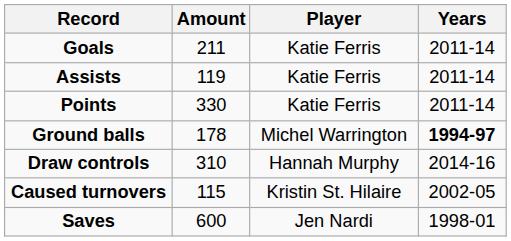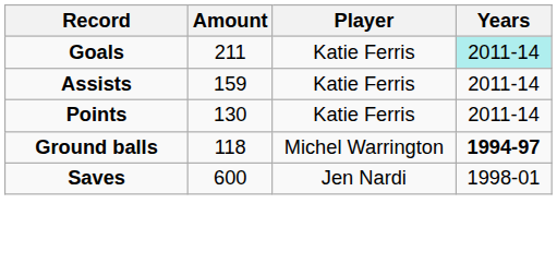 <table class="wikitable">
 <tr>
 <th style="width:140px; ">Record</th>
 <th style="width:35px; ">Amount</th>
 <th style="width:140px; ">Player</th>
 <th style="width:70px; ">Years</th>
 </tr>
 <tr style="text-align:center;">
 <td><strong>Goals</strong></td>
 <td>211</td>
 <td>Katie Ferris</td>
-<td>2011-14</td>
+<td style="background: paleturquoise;">2011-14</td>
 </tr>
 <tr style="text-align:center;">
 <td><strong>Assists</strong></td>
-<td>119</td>
+<td>159</td>
 <td>Katie Ferris</td>
 <td>2011-14</td>
 </tr>
 <tr style="text-align:center;">
 <td><strong>Points</strong></td>
-<td>330</td>
+<td>130</td>
 <td>Katie Ferris</td>
 <td>2011-14</td>
 </tr>
 <tr style="text-align:center;">
 <td><strong>Ground balls</strong></td>
-<td>178</td>
+<td>118</td>
 <td>Michel Warrington</td>
 <td><strong>1994-97</strong></td>
-</tr>
-<tr style="text-align:center;">
-<td><strong>Draw controls</strong></td>
-<td>310</td>
-<td>Hannah Murphy</td>
-<td>2014-16</td>
-</tr>
-<tr style="text-align:center;">
-<td><strong>Caused turnovers</strong></td>
-<td>115</td>
-<td>Kristin St. Hilaire</td>
-<td>2002-05</td>
 </tr>
 <tr style="text-align:center;">
 <td><strong>Saves</strong></td>
 <td>600</td>
 <td>Jen Nardi</td>
 <td>1998-01</td>
 </tr>
 </table>
